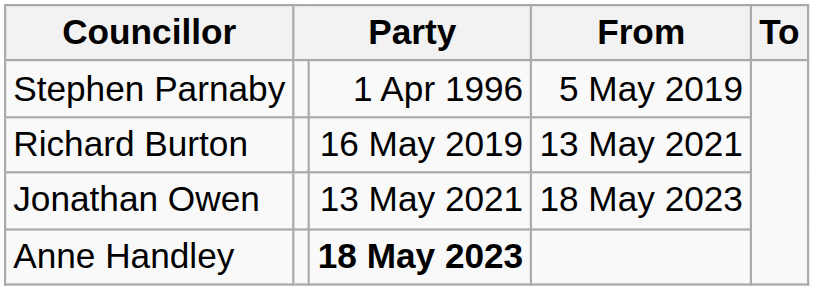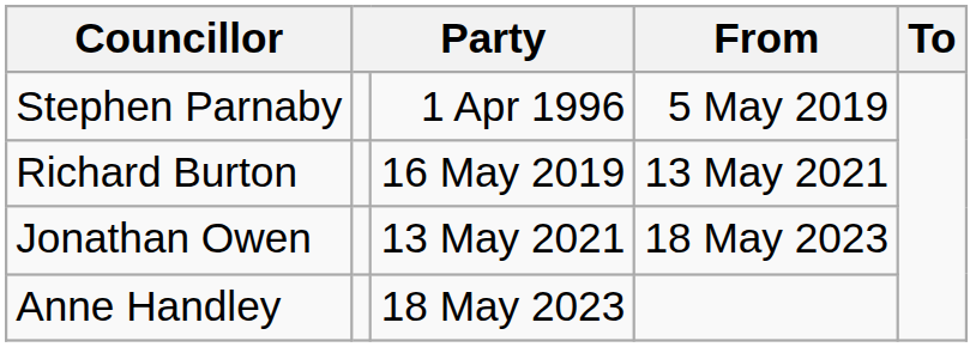 <table class=wikitable>
 <tr>
 <th>Councillor</th>
 <th colspan=2>Party</th>
 <th>From</th>
 <th>To</th>
 </tr>
 <tr>
 <td>Stephen Parnaby</td>
 <td></td>
 <td align=right>1 Apr 1996</td>
 <td align=right>5 May 2019</td>
 </tr>
 <tr>
 <td>Richard Burton</td>
 <td></td>
 <td align=right>16 May 2019</td>
 <td align=right>13 May 2021</td>
 </tr>
 <tr>
 <td>Jonathan Owen</td>
 <td></td>
 <td align=right>13 May 2021</td>
 <td align=right>18 May 2023</td>
 </tr>
 <tr>
 <td>Anne Handley</td>
 <td></td>
-<td align=right><strong>18 May 2023</strong></td>
+<td align=right>18 May 2023</td>
 <td align=right></td>
 </tr>
 </table>
